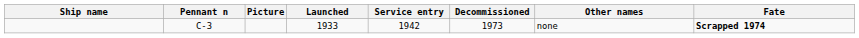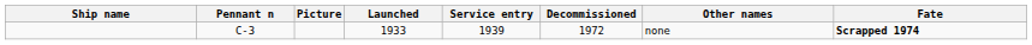 <table class="wikitable">
 <tr>
 <th width="20%">Ship name</th>
 <th width="10%">Pennant n</th>
 <th>Picture</th>
 <th width="10%">Launched</th>
 <th width="10%">Service entry</th>
 <th width="10%">Decommissioned</th>
 <th width="20%">Other names</th>
 <th width="20%">Fate</th>
 </tr>
 <tr>
 <td align="left"></td>
 <td align="center">C-3</td>
 <td></td>
 <td align="center">1933</td>
-<td align="center">1942</td>
-<td align="center">1973</td>
+<td align="center">1939</td>
+<td align="center">1972</td>
 <td align="left">none</td>
 <td align="left"><strong>Scrapped 1974</strong></td>
 </tr>
 </table>
